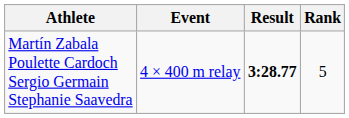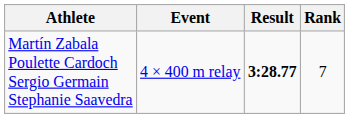 <table class=wikitable style=font-size:90%;text-align:center>
 <tr>
 <th>Athlete</th>
 <th>Event</th>
 <th>Result</th>
 <th>Rank</th>
 </tr>
 <tr>
 <td align=left><a href='#'>Martín Zabala</a><br><a href='#'>Poulette Cardoch</a><br><a href='#'>Sergio Germain</a><br><a href='#'>Stephanie Saavedra</a></td>
 <td align=left><a href='#'>4 × 400 m relay</a></td>
 <td><strong>3:28.77</strong></td>
-<td>5</td>
+<td>7</td>
 </tr>
 </table>
